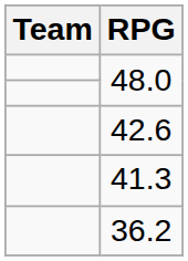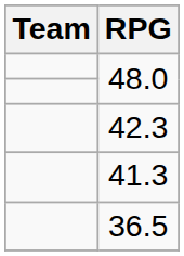 <table class=wikitable>
 <tr>
 <th>Team</th>
 <th>RPG</th>
 </tr>
 <tr>
 <td></td>
 <td align=center rowspan=2>48.0</td>
 </tr>
 <tr>
 <td></td>
 </tr>
 <tr>
 <td></td>
-<td align=center>42.6</td>
+<td align=center>42.3</td>
 </tr>
 <tr>
 <td></td>
 <td align=center>41.3</td>
 </tr>
 <tr>
 <td></td>
-<td align=center>36.2</td>
+<td align=center>36.5</td>
 </tr>
 </table>
